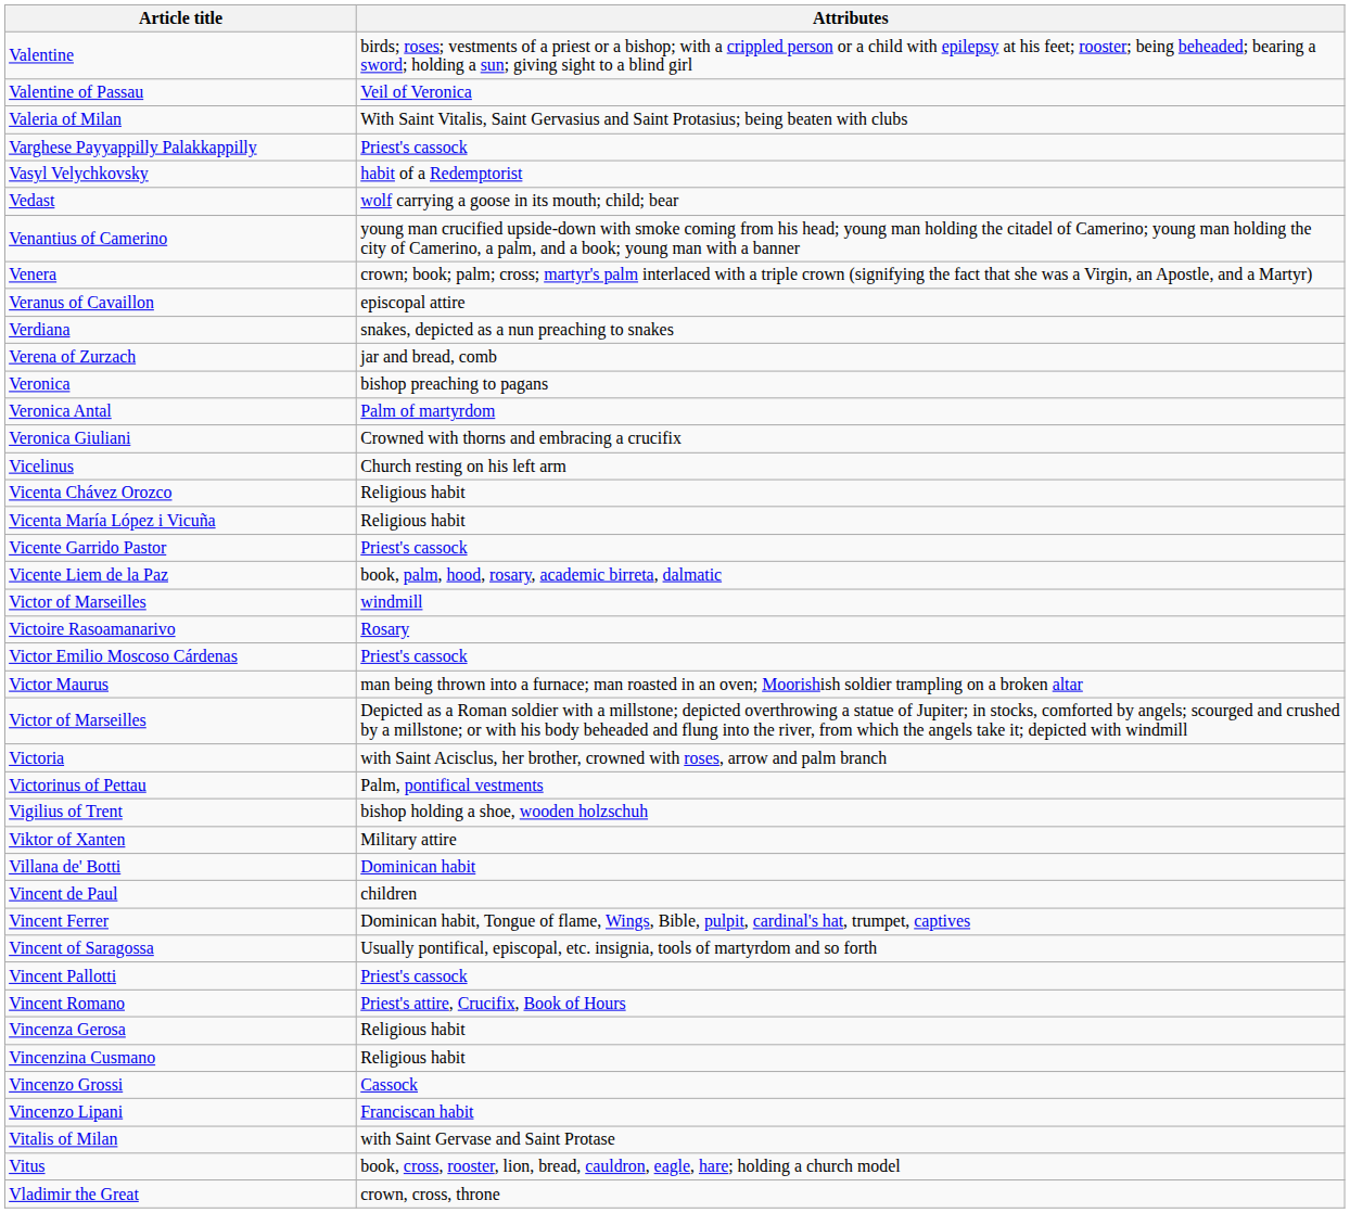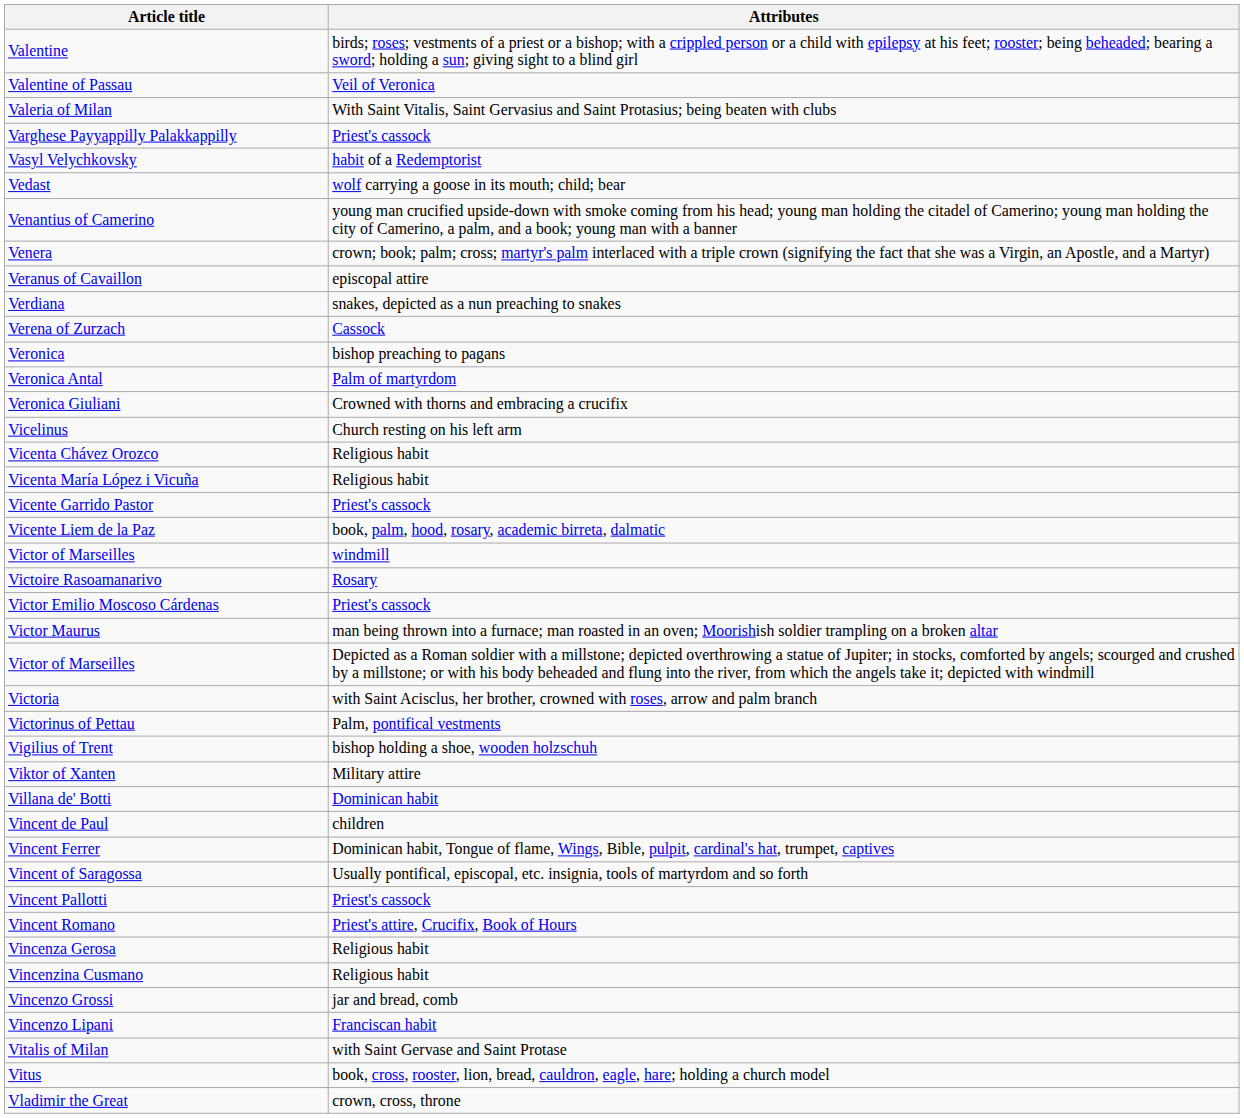 <table class="wikitable">
 <tr>
 <th scope="col" style="width: 20em;">Article title</th>
 <th scope="col">Attributes</th>
 </tr>
 <tr>
 <td><a href='#'>Valentine</a></td>
 <td>birds; <a href='#'>roses</a>; vestments of a priest or a bishop; with a <a href='#'>crippled person</a> or a child with <a href='#'>epilepsy</a> at his feet; <a href='#'>rooster</a>; being <a href='#'>beheaded</a>; bearing a <a href='#'>sword</a>; holding a <a href='#'>sun</a>; giving sight to a blind girl</td>
 </tr>
 <tr>
 <td><a href='#'>Valentine of Passau</a></td>
 <td><a href='#'>Veil of Veronica</a></td>
 </tr>
 <tr>
 <td><a href='#'>Valeria of Milan</a></td>
 <td>With Saint Vitalis, Saint Gervasius and Saint Protasius; being beaten with clubs</td>
 </tr>
 <tr>
 <td><a href='#'>Varghese Payyappilly Palakkappilly</a></td>
 <td><a href='#'>Priest's cassock</a></td>
 </tr>
 <tr>
 <td><a href='#'>Vasyl Velychkovsky</a></td>
 <td><a href='#'>habit</a> of a <a href='#'>Redemptorist</a></td>
 </tr>
 <tr>
 <td><a href='#'>Vedast</a></td>
 <td><a href='#'>wolf</a> carrying a goose in its mouth; child; bear</td>
 </tr>
 <tr>
 <td><a href='#'>Venantius of Camerino</a></td>
 <td>young man crucified upside-down with smoke coming from his head; young man holding the citadel of Camerino; young man holding the city of Camerino, a palm, and a book; young man with a banner</td>
 </tr>
 <tr>
 <td><a href='#'>Venera</a></td>
 <td>crown; book; palm; cross; <a href='#'>martyr's palm</a> interlaced with a triple crown (signifying the fact that she was a Virgin, an Apostle, and a Martyr)</td>
 </tr>
 <tr>
 <td><a href='#'>Veranus of Cavaillon</a></td>
 <td>episcopal attire</td>
 </tr>
 <tr>
 <td><a href='#'>Verdiana</a></td>
 <td>snakes, depicted as a nun preaching to snakes</td>
 </tr>
 <tr>
 <td><a href='#'>Verena of Zurzach</a></td>
-<td>jar and bread, comb</td>
+<td><a href='#'>Cassock</a></td>
 </tr>
 <tr>
 <td><a href='#'>Veronica</a></td>
 <td>bishop preaching to pagans</td>
 </tr>
 <tr>
 <td><a href='#'>Veronica Antal</a></td>
 <td><a href='#'>Palm of martyrdom</a></td>
 </tr>
 <tr>
 <td><a href='#'>Veronica Giuliani</a></td>
 <td>Crowned with thorns and embracing a crucifix</td>
 </tr>
 <tr>
 <td><a href='#'>Vicelinus</a></td>
 <td>Church resting on his left arm</td>
 </tr>
 <tr>
 <td><a href='#'>Vicenta Chávez Orozco</a></td>
 <td>Religious habit</td>
 </tr>
 <tr>
 <td><a href='#'>Vicenta María López i Vicuña</a></td>
 <td>Religious habit</td>
 </tr>
 <tr>
 <td><a href='#'>Vicente Garrido Pastor</a></td>
 <td><a href='#'>Priest's cassock</a></td>
 </tr>
 <tr>
 <td><a href='#'>Vicente Liem de la Paz</a></td>
 <td>book, <a href='#'>palm</a>, <a href='#'>hood</a>, <a href='#'>rosary</a>, <a href='#'>academic birreta</a>, <a href='#'>dalmatic</a></td>
 </tr>
 <tr>
 <td><a href='#'>Victor of Marseilles</a></td>
 <td><a href='#'>windmill</a></td>
 </tr>
 <tr>
 <td><a href='#'>Victoire Rasoamanarivo</a></td>
 <td><a href='#'>Rosary</a></td>
 </tr>
 <tr>
 <td><a href='#'>Victor Emilio Moscoso Cárdenas</a></td>
 <td><a href='#'>Priest's cassock</a></td>
 </tr>
 <tr>
 <td><a href='#'>Victor Maurus</a></td>
 <td>man being thrown into a furnace; man roasted in an oven; <a href='#'>Moorish</a>ish soldier trampling on a broken <a href='#'>altar</a></td>
 </tr>
 <tr>
 <td><a href='#'>Victor of Marseilles</a></td>
 <td>Depicted as a Roman soldier with a millstone; depicted overthrowing a statue of Jupiter; in stocks, comforted by angels; scourged and crushed by a millstone; or with his body beheaded and flung into the river, from which the angels take it; depicted with windmill</td>
 </tr>
 <tr>
 <td><a href='#'>Victoria</a></td>
 <td>with Saint Acisclus, her brother, crowned with <a href='#'>roses</a>, arrow and palm branch</td>
 </tr>
 <tr>
 <td><a href='#'>Victorinus of Pettau</a></td>
 <td>Palm, <a href='#'>pontifical vestments</a></td>
 </tr>
 <tr>
 <td><a href='#'>Vigilius of Trent</a></td>
 <td>bishop holding a shoe, <a href='#'>wooden holzschuh</a></td>
 </tr>
 <tr>
 <td><a href='#'>Viktor of Xanten</a></td>
 <td>Military attire</td>
 </tr>
 <tr>
 <td><a href='#'>Villana de' Botti</a></td>
 <td><a href='#'>Dominican habit</a></td>
 </tr>
 <tr>
 <td><a href='#'>Vincent de Paul</a></td>
 <td>children </td>
 </tr>
 <tr>
 <td><a href='#'>Vincent Ferrer</a></td>
 <td>Dominican habit, Tongue of flame, <a href='#'>Wings</a>, Bible, <a href='#'>pulpit</a>, <a href='#'>cardinal's hat</a>, trumpet, <a href='#'>captives</a></td>
 </tr>
 <tr>
 <td><a href='#'>Vincent of Saragossa</a></td>
 <td>Usually pontifical, episcopal, etc. insignia, tools of martyrdom and so forth</td>
 </tr>
 <tr>
 <td><a href='#'>Vincent Pallotti</a></td>
 <td><a href='#'>Priest's cassock</a></td>
 </tr>
 <tr>
 <td><a href='#'>Vincent Romano</a></td>
 <td><a href='#'>Priest's attire</a>, <a href='#'>Crucifix</a>, <a href='#'>Book of Hours</a></td>
 </tr>
 <tr>
 <td><a href='#'>Vincenza Gerosa</a></td>
 <td>Religious habit</td>
 </tr>
 <tr>
 <td><a href='#'>Vincenzina Cusmano</a></td>
 <td>Religious habit</td>
 </tr>
 <tr>
 <td><a href='#'>Vincenzo Grossi</a></td>
-<td><a href='#'>Cassock</a></td>
+<td>jar and bread, comb</td>
 </tr>
 <tr>
 <td><a href='#'>Vincenzo Lipani</a></td>
 <td><a href='#'>Franciscan habit</a></td>
 </tr>
 <tr>
 <td><a href='#'>Vitalis of Milan</a></td>
 <td>with Saint Gervase and Saint Protase</td>
 </tr>
 <tr>
 <td><a href='#'>Vitus</a></td>
 <td>book, <a href='#'>cross</a>, <a href='#'>rooster</a>, lion, bread, <a href='#'>cauldron</a>, <a href='#'>eagle</a>, <a href='#'>hare</a>; holding a church model</td>
 </tr>
 <tr>
 <td><a href='#'>Vladimir the Great</a></td>
 <td>crown, cross, throne</td>
 </tr>
 </table>
